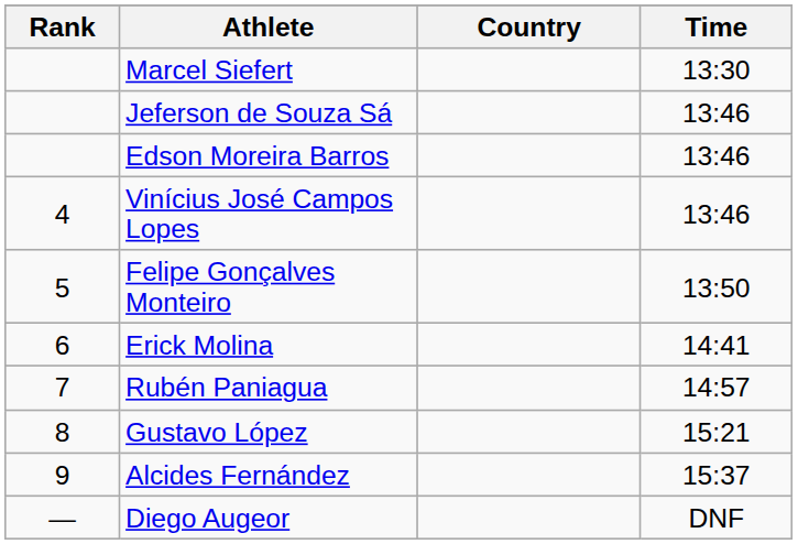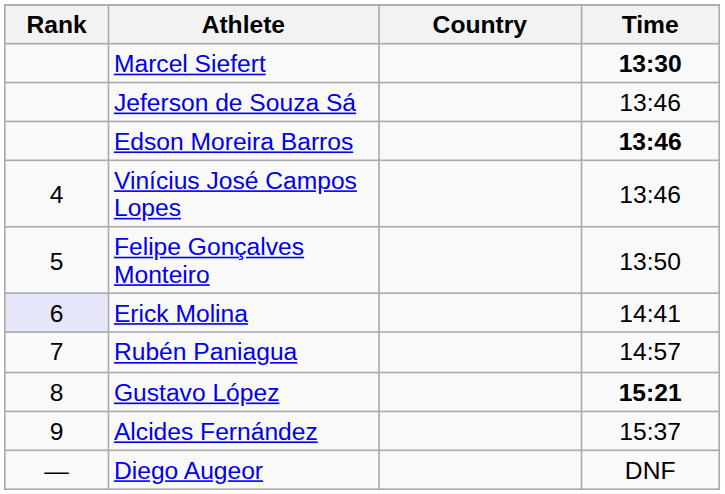 <table class="wikitable sortable" style=" text-align:center; font-size:95%;" width="50%">
 <tr>
 </tr>
 <tr>
 <th width=5%>Rank</th>
 <th width=20%>Athlete</th>
 <th width=15%>Country</th>
 <th width=10%>Time</th>
 </tr>
 <tr>
 <td align=center></td>
 <td align=left><a href='#'>Marcel Siefert</a></td>
 <td align=left></td>
-<td>13:30</td>
+<td><strong>13:30</strong></td>
 </tr>
 <tr>
 <td align=center></td>
 <td align=left><a href='#'>Jeferson de Souza Sá</a></td>
 <td align=left></td>
 <td>13:46</td>
 </tr>
 <tr>
 <td align=center></td>
 <td align=left><a href='#'>Edson Moreira Barros</a></td>
 <td align=left></td>
-<td>13:46</td>
+<td><strong>13:46</strong></td>
 </tr>
 <tr>
 <td align=center>4</td>
 <td align=left><a href='#'>Vinícius José Campos Lopes</a></td>
 <td align=left></td>
 <td>13:46</td>
 </tr>
 <tr>
 <td align=center>5</td>
 <td align=left><a href='#'>Felipe Gonçalves Monteiro</a></td>
 <td align=left></td>
 <td>13:50</td>
 </tr>
 <tr>
-<td align=center>6</td>
+<td align=center style="background: lavender;">6</td>
 <td align=left><a href='#'>Erick Molina</a></td>
 <td align=left></td>
 <td>14:41</td>
 </tr>
 <tr>
 <td align=center>7</td>
 <td align=left><a href='#'>Rubén Paniagua</a></td>
 <td align=left></td>
 <td>14:57</td>
 </tr>
 <tr>
 <td align=center>8</td>
 <td align=left><a href='#'>Gustavo López</a></td>
 <td align=left></td>
-<td>15:21</td>
+<td><strong>15:21</strong></td>
 </tr>
 <tr>
 <td align=center>9</td>
 <td align=left><a href='#'>Alcides Fernández</a></td>
 <td align=left></td>
 <td>15:37</td>
 </tr>
 <tr>
 <td align=center>—</td>
 <td align=left><a href='#'>Diego Augeor</a></td>
 <td align=left></td>
 <td>DNF</td>
 </tr>
 </table>
